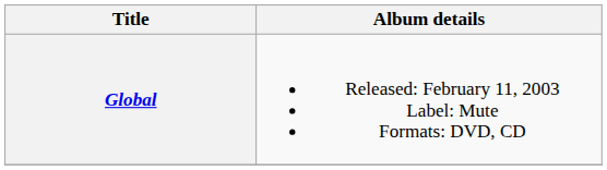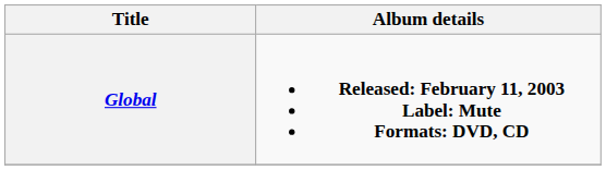 <table class="wikitable plainrowheaders" style="text-align:center;">
 <tr>
 <th scope="col" style="width:13em;">Title</th>
 <th scope="col" style="width:18em;">Album details</th>
 </tr>
 <tr>
 <th scope="row"><em><a href='#'>Global</a></em></th>
-<td><br><ul><li>Released: February 11, 2003</li><li>Label: Mute</li><li>Formats: DVD, CD</li></ul></td>
+<td><strong><br><ul><li>Released: February 11, 2003</li><li>Label: Mute</li><li>Formats: DVD, CD</li></ul></strong></td>
 </tr>
 <tr>
 </tr>
 </table>
